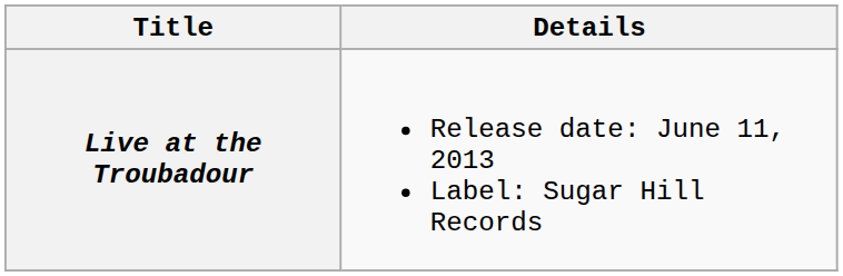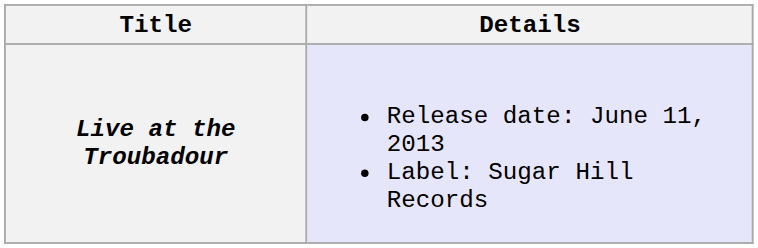 <table class="wikitable plainrowheaders">
 <tr>
 <th style="width:12em;">Title</th>
 <th style="width:18em;">Details</th>
 </tr>
 <tr>
 <th scope="row"><em>Live at the Troubadour</em></th>
-<td><br><ul><li>Release date: June 11, 2013</li><li>Label: Sugar Hill Records</li></ul></td>
+<td style="background: lavender;"><br><ul><li>Release date: June 11, 2013</li><li>Label: Sugar Hill Records</li></ul></td>
 </tr>
 </table>
